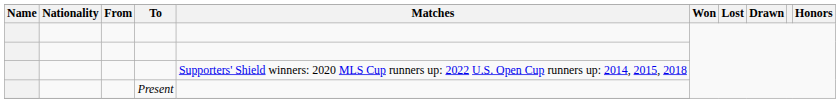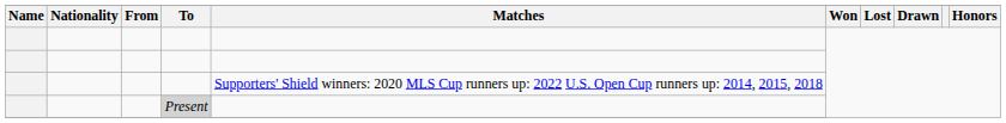 <table class="wikitable sortable plainrowheaders">
 <tr>
 </tr>
 <tr>
 <th scope=col>Name</th>
 <th scope=col>Nationality</th>
 <th scope=col>From</th>
 <th scope=col>To</th>
 <th scope=col>Matches</th>
 <th scope=col>Won</th>
 <th scope=col>Lost</th>
 <th scope=col>Drawn</th>
 <th scope=col></th>
 <th scope=col>Honors</th>
 </tr>
 <tr>
 <th scope=row></th>
 <td></td>
 <td></td>
 <td><br></td>
 <td></td>
 </tr>
 <tr>
 <th scope=row></th>
 <td></td>
 <td></td>
 <td><br></td>
 <td></td>
 </tr>
 <tr>
 <th scope=row></th>
 <td></td>
 <td></td>
 <td><br></td>
 <td><a href='#'>Supporters' Shield</a> winners: 2020 <a href='#'>MLS Cup</a> runners up: <a href='#'>2022</a> <a href='#'>U.S. Open Cup</a> runners up: <a href='#'>2014</a>, <a href='#'>2015</a>, <a href='#'>2018</a></td>
 </tr>
 <tr>
 <th scope=row></th>
 <td></td>
 <td></td>
-<td><em>Present</em><br></td>
+<td style="background: lightgrey;"><em>Present</em><br></td>
 <td></td>
 </tr>
 <tr>
 </tr>
 </table>
